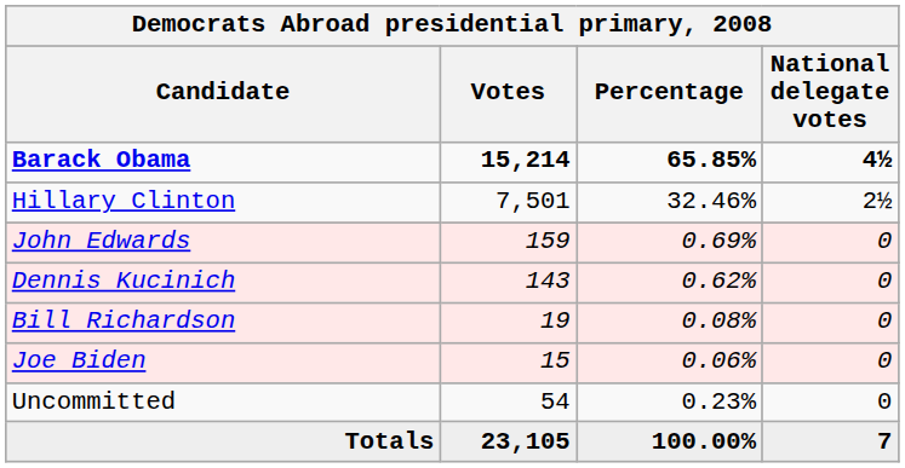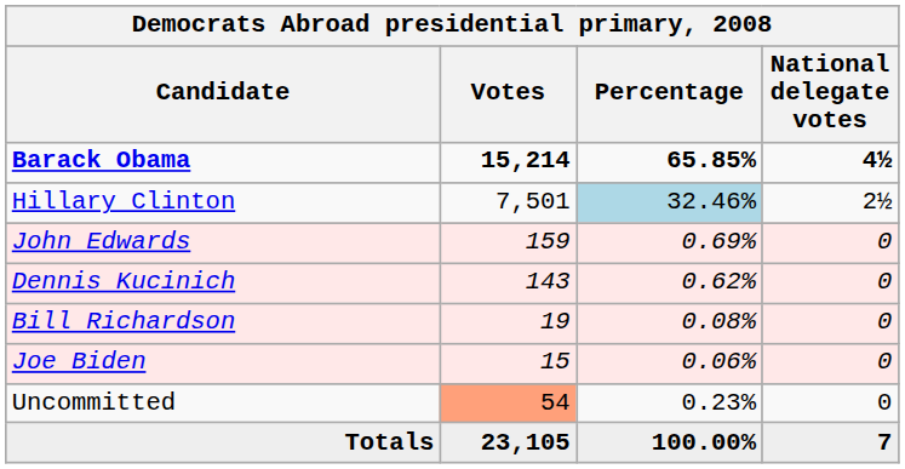 <table class="wikitable" style="font-size:95%; text-align:right;">
 <tr>
 <th colspan="4">Democrats Abroad presidential primary, 2008</th>
 </tr>
 <tr>
 <th style="width: 17em">Candidate</th>
 <th style="width: 5em">Votes</th>
 <th style="width: 7em">Percentage</th>
 <th style="width: 5em">National delegate votes</th>
 </tr>
 <tr>
 <td align="left"><strong><a href='#'>Barack Obama</a></strong></td>
 <td><strong>15,214</strong></td>
 <td><strong>65.85%</strong></td>
 <td><strong>4½</strong></td>
 </tr>
 <tr>
 <td align="left"><a href='#'>Hillary Clinton</a></td>
 <td>7,501</td>
-<td>32.46%</td>
+<td style="background: lightblue;">32.46%</td>
 <td>2½</td>
 </tr>
 <tr bgcolor=#FFE8E8>
 <td align="left"><em><a href='#'>John Edwards</a></em></td>
 <td><em>159</em></td>
 <td><em>0.69%</em></td>
 <td><em>0</em></td>
 </tr>
 <tr bgcolor=#FFE8E8>
 <td align="left"><em><a href='#'>Dennis Kucinich</a></em></td>
 <td><em>143</em></td>
 <td><em>0.62%</em></td>
 <td><em>0</em></td>
 </tr>
 <tr bgcolor=#FFE8E8>
 <td align="left"><em><a href='#'>Bill Richardson</a></em></td>
 <td><em>19</em></td>
 <td><em>0.08%</em></td>
 <td><em>0</em></td>
 </tr>
 <tr bgcolor=#FFE8E8>
 <td align="left"><em><a href='#'>Joe Biden</a></em></td>
 <td><em>15</em></td>
 <td><em>0.06%</em></td>
 <td><em>0</em></td>
 </tr>
 <tr>
 <td align="left">Uncommitted</td>
-<td>54</td>
+<td style="background: lightsalmon;">54</td>
 <td>0.23%</td>
 <td>0</td>
 </tr>
 <tr bgcolor="#EEEEEE" style="margin-right:0.5em">
 <td><strong>Totals</strong></td>
 <td><strong>23,105</strong></td>
 <td><strong>100.00%</strong></td>
 <td><strong>7</strong></td>
 </tr>
 </table>
